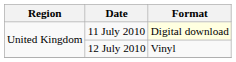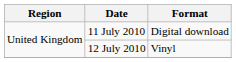 <table class=wikitable>
 <tr>
 <th>Region</th>
 <th>Date</th>
 <th>Format</th>
 </tr>
 <tr>
 <td align="center" rowspan="2">United Kingdom</td>
 <td>11 July 2010</td>
-<td style="background: lightyellow;">Digital download</td>
+<td>Digital download</td>
 </tr>
 <tr>
 <td>12 July 2010</td>
 <td>Vinyl</td>
 </tr>
 <tr>
 </tr>
 </table>
